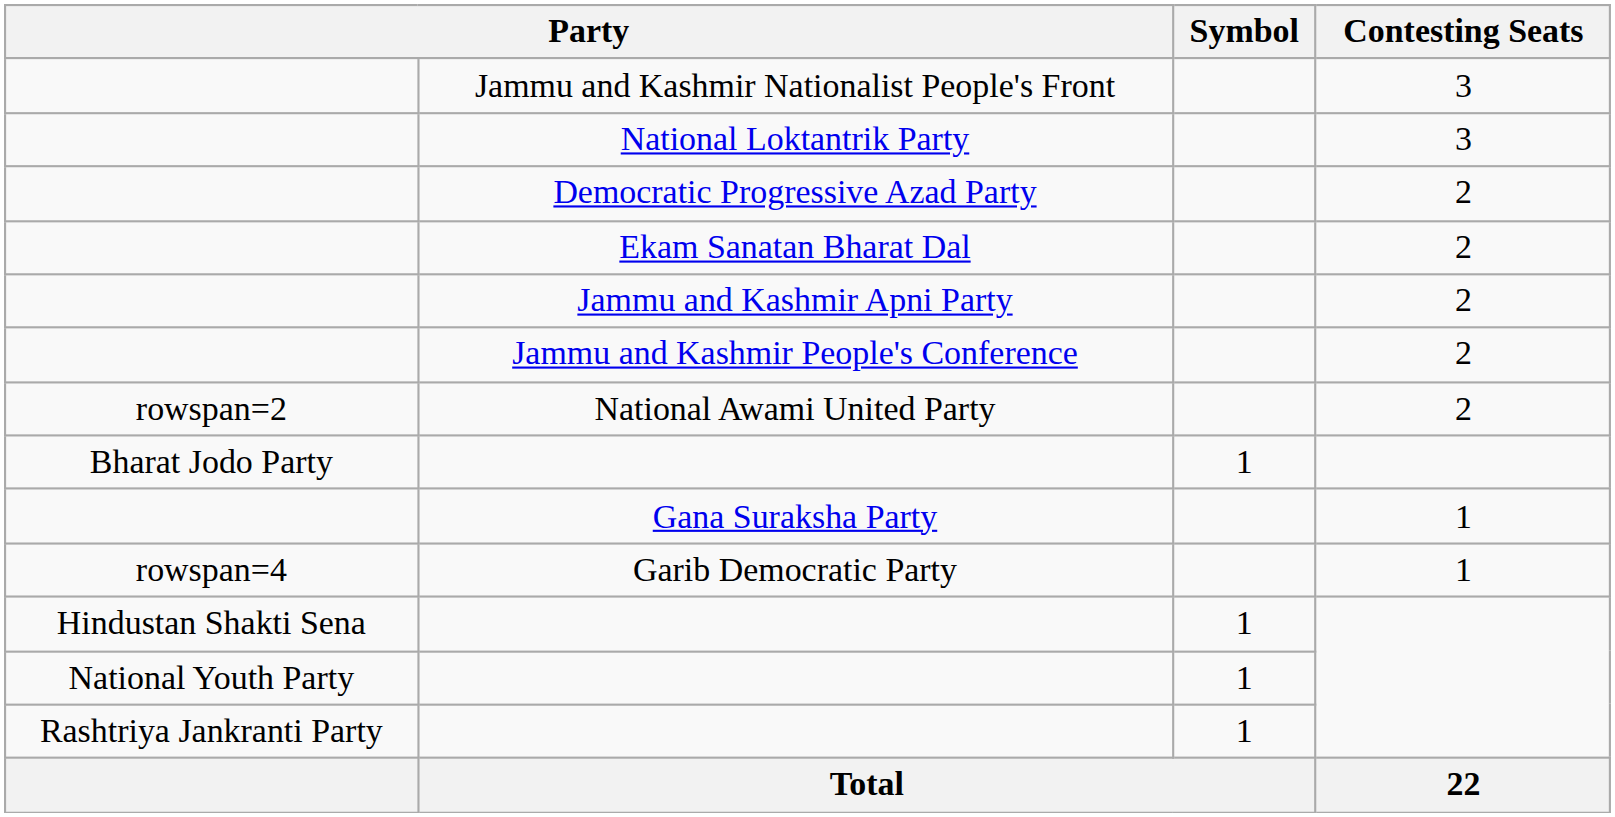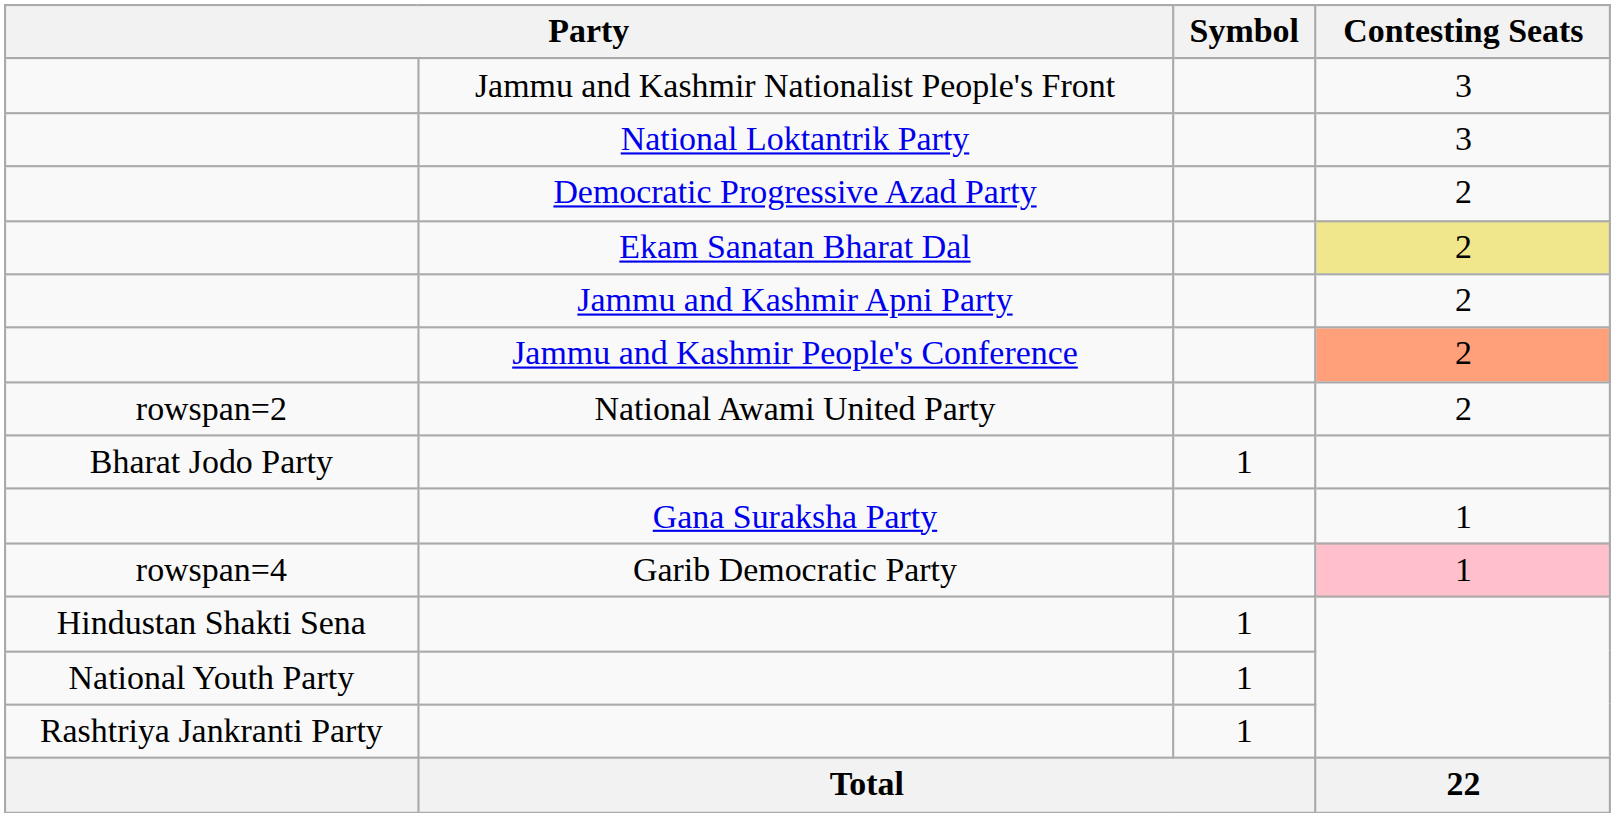 <table class="wikitable " width="60%" style="text-align:center">
 <tr>
 <th colspan="2">Party</th>
 <th>Symbol</th>
 <th>Contesting Seats</th>
 </tr>
 <tr>
 <td></td>
 <td>Jammu and Kashmir Nationalist People's Front</td>
 <td></td>
 <td>3</td>
 </tr>
 <tr>
 <td></td>
 <td><a href='#'>National Loktantrik Party</a></td>
 <td></td>
 <td>3</td>
 </tr>
 <tr>
 <td></td>
 <td><a href='#'>Democratic Progressive Azad Party</a></td>
 <td></td>
 <td>2</td>
 </tr>
 <tr>
 <td></td>
 <td><a href='#'>Ekam Sanatan Bharat Dal</a></td>
 <td></td>
-<td>2</td>
+<td style="background: khaki;">2</td>
 </tr>
 <tr>
 <td></td>
 <td><a href='#'>Jammu and Kashmir Apni Party</a></td>
 <td></td>
 <td>2</td>
 </tr>
 <tr>
 <td></td>
 <td><a href='#'>Jammu and Kashmir People's Conference</a></td>
 <td></td>
-<td>2</td>
+<td style="background: lightsalmon;">2</td>
 </tr>
 <tr>
 <td>rowspan=2 </td>
 <td>National Awami United Party</td>
 <td></td>
 <td>2</td>
 </tr>
 <tr>
 <td>Bharat Jodo Party</td>
 <td></td>
 <td>1</td>
 </tr>
 <tr>
 <td></td>
 <td><a href='#'>Gana Suraksha Party</a></td>
 <td></td>
 <td>1</td>
 </tr>
 <tr>
 <td>rowspan=4 </td>
 <td>Garib Democratic Party</td>
 <td></td>
-<td>1</td>
+<td style="background: pink;">1</td>
 </tr>
 <tr>
 <td>Hindustan Shakti Sena</td>
 <td></td>
 <td>1</td>
 </tr>
 <tr>
 <td>National Youth Party</td>
 <td></td>
 <td>1</td>
 </tr>
 <tr>
 <td>Rashtriya Jankranti Party</td>
 <td></td>
 <td>1</td>
 </tr>
 <tr>
 <th></th>
 <th colspan="2">Total</th>
 <th>22</th>
 </tr>
 </table>
